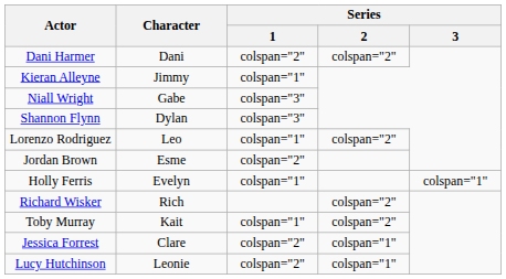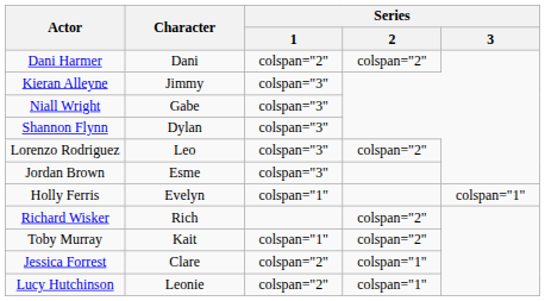 <table class="wikitable plainrowheaders" style="text-align:center">
 <tr>
 <th rowspan="2" width="14%" scope="col">Actor</th>
 <th rowspan="2" width="14%" scope="col">Character</th>
 <th colspan="3">Series</th>
 </tr>
 <tr>
 <th width="7%" scope="col">1</th>
 <th width="7%" scope="col">2</th>
 <th width="7%" scope="col">3</th>
 </tr>
 <tr>
 <td><a href='#'>Dani Harmer</a></td>
 <td>Dani</td>
 <td>colspan="2" </td>
 <td>colspan="2" </td>
 </tr>
 <tr>
 <td><a href='#'>Kieran Alleyne</a></td>
 <td>Jimmy</td>
-<td>colspan="1" </td>
+<td>colspan="3" </td>
 </tr>
 <tr>
 <td><a href='#'>Niall Wright</a></td>
 <td>Gabe</td>
 <td>colspan="3" </td>
 </tr>
 <tr>
 <td><a href='#'>Shannon Flynn</a></td>
 <td>Dylan</td>
 <td>colspan="3" </td>
 </tr>
 <tr>
 <td>Lorenzo Rodriguez</td>
 <td>Leo</td>
-<td>colspan="1" </td>
+<td>colspan="3" </td>
 <td>colspan="2" </td>
 </tr>
 <tr>
 <td>Jordan Brown</td>
 <td>Esme</td>
-<td>colspan="2" </td>
+<td>colspan="3" </td>
 <td></td>
 </tr>
 <tr>
 <td>Holly Ferris</td>
 <td>Evelyn</td>
 <td>colspan="1" </td>
 <td></td>
 <td>colspan="1" </td>
 </tr>
 <tr>
 <td><a href='#'>Richard Wisker</a></td>
 <td>Rich</td>
 <td></td>
 <td>colspan="2" </td>
 </tr>
 <tr>
 <td>Toby Murray</td>
 <td>Kait</td>
 <td>colspan="1" </td>
 <td>colspan="2" </td>
 </tr>
 <tr>
 <td><a href='#'>Jessica Forrest</a></td>
 <td>Clare</td>
 <td>colspan="2" </td>
 <td>colspan="1" </td>
 </tr>
 <tr>
 <td><a href='#'>Lucy Hutchinson</a></td>
 <td>Leonie</td>
 <td>colspan="2" </td>
 <td>colspan="1" </td>
 </tr>
 </table>
